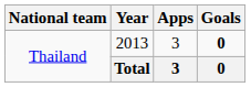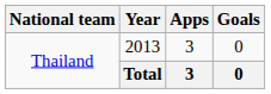 <table class="wikitable" style="text-align:center">
 <tr>
 <th>National team</th>
 <th>Year</th>
 <th>Apps</th>
 <th>Goals</th>
 </tr>
 <tr>
 <td rowspan="4" valign="center"><a href='#'>Thailand</a></td>
 <td>2013</td>
 <td>3</td>
-<td><strong>0</strong></td>
+<td>0</td>
 </tr>
 <tr>
 <th>Total</th>
 <th>3</th>
 <th>0</th>
 </tr>
 </table>
